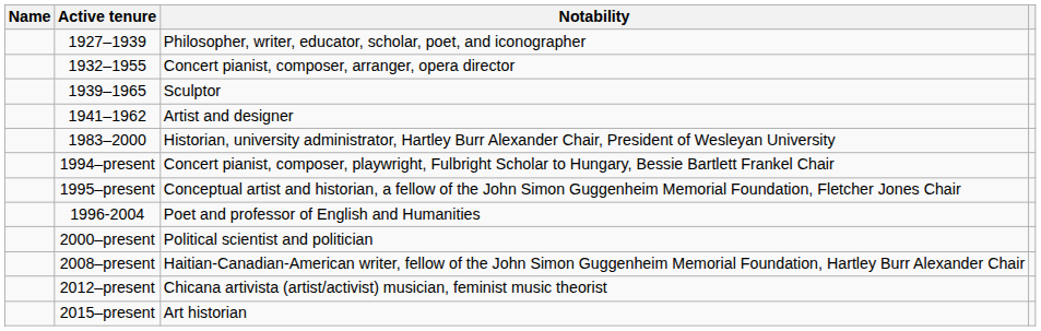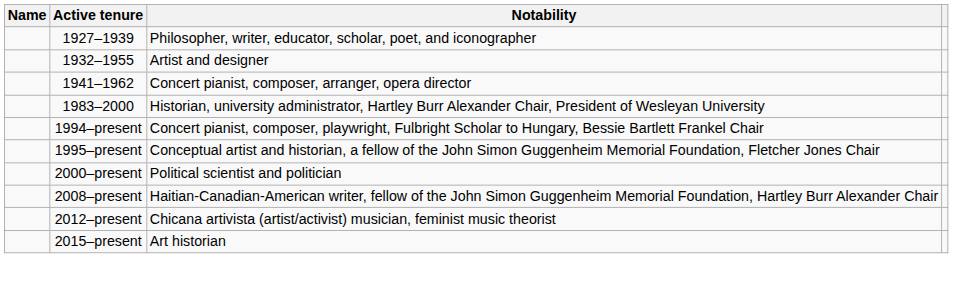 <table class="wikitable sortable" style="border:2px solid #">
 <tr>
 <th scope="col">Name</th>
 <th scope="col">Active tenure</th>
 <th scope="col">Notability</th>
 <th scope="col"></th>
 </tr>
 <tr>
 <td></td>
 <td style="text-align:center;">1927–1939</td>
 <td>Philosopher, writer, educator, scholar, poet, and iconographer</td>
 <td style="text-align:center;"></td>
 </tr>
 <tr>
 <td></td>
 <td style="text-align:center;">1932–1955</td>
-<td>Concert pianist, composer, arranger, opera director</td>
-<td style="text-align:center;"></td>
-</tr>
-<tr>
-<td></td>
-<td style="text-align:center;">1939–1965</td>
-<td>Sculptor</td>
+<td>Artist and designer</td>
 <td style="text-align:center;"></td>
 </tr>
 <tr>
 <td></td>
 <td style="text-align:center;">1941–1962</td>
-<td>Artist and designer</td>
+<td>Concert pianist, composer, arranger, opera director</td>
 <td style="text-align:center;"></td>
 </tr>
 <tr>
 <td></td>
 <td style="text-align:center;">1983–2000</td>
 <td>Historian, university administrator, Hartley Burr Alexander Chair, President of Wesleyan University</td>
 <td style="text-align:center;"></td>
 </tr>
 <tr>
 <td></td>
 <td style="text-align:center;">1994–present</td>
 <td>Concert pianist, composer, playwright, Fulbright Scholar to Hungary, Bessie Bartlett Frankel Chair</td>
 <td style="text-align:center;"></td>
 </tr>
 <tr>
 <td></td>
 <td style="text-align:center;">1995–present</td>
 <td>Conceptual artist and historian, a fellow of the John Simon Guggenheim Memorial Foundation, Fletcher Jones Chair</td>
-<td style="text-align:center;"></td>
-</tr>
-<tr>
-<td></td>
-<td style="text-align:center;">1996-2004</td>
-<td>Poet and professor of English and Humanities</td>
 <td style="text-align:center;"></td>
 </tr>
 <tr>
 <td></td>
 <td style="text-align:center;">2000–present</td>
 <td>Political scientist and politician</td>
 <td style="text-align:center;"></td>
 </tr>
 <tr>
 <td></td>
 <td style="text-align:center;">2008–present</td>
 <td>Haitian-Canadian-American writer,  fellow of the John Simon Guggenheim Memorial Foundation, Hartley Burr Alexander Chair</td>
 <td style="text-align:center;"></td>
 </tr>
 <tr>
 <td></td>
 <td style="text-align:center;">2012–present</td>
 <td>Chicana artivista (artist/activist) musician, feminist music theorist</td>
 <td style="text-align:center;"></td>
 </tr>
 <tr>
 <td></td>
 <td style="text-align:center;">2015–present</td>
 <td>Art historian</td>
 <td style="text-align:center;"></td>
 </tr>
 </table>
